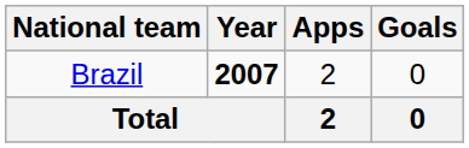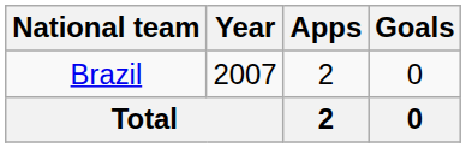 <table class="wikitable" style="text-align:center">
 <tr>
 <th>National team</th>
 <th>Year</th>
 <th>Apps</th>
 <th>Goals</th>
 </tr>
 <tr>
 <td><a href='#'>Brazil</a></td>
-<td><strong>2007</strong></td>
+<td>2007</td>
 <td>2</td>
 <td>0</td>
 </tr>
 <tr>
 <th colspan="2">Total</th>
 <th>2</th>
 <th>0</th>
 </tr>
 </table>
